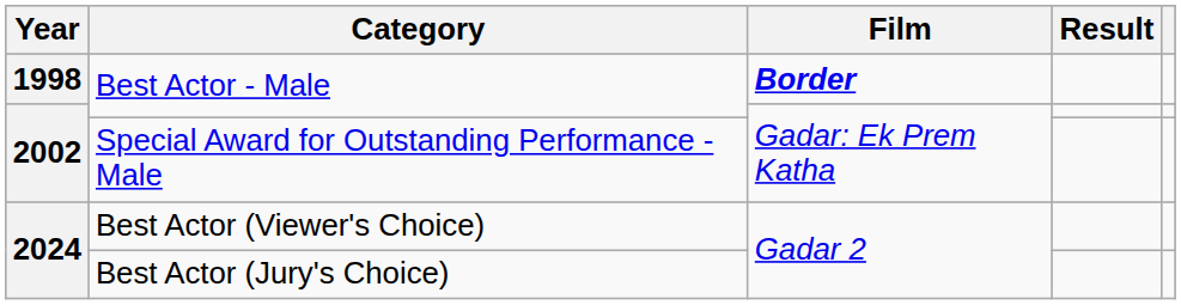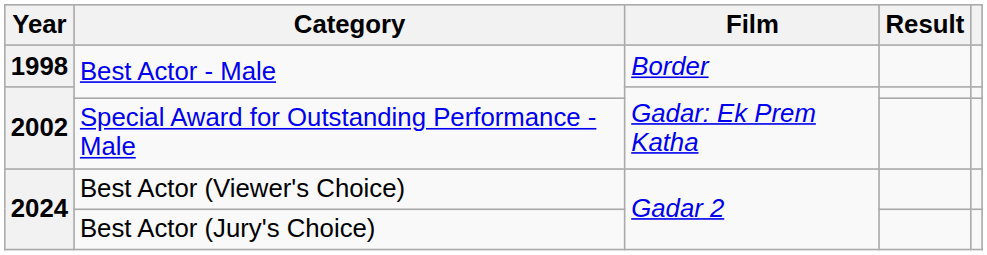 <table Class="wikitable">
 <tr>
 <th>Year</th>
 <th>Category</th>
 <th>Film</th>
 <th>Result</th>
 <th></th>
 </tr>
 <tr>
 <th>1998</th>
 <td rowspan="2"><a href='#'>Best Actor - Male</a></td>
-<td><strong><em><a href='#'>Border</a></em></strong></td>
+<td><em><a href='#'>Border</a></em></td>
 <td></td>
 <td></td>
 </tr>
 <tr>
 <th rowspan="2">2002</th>
 <td rowspan="2"><em><a href='#'>Gadar: Ek Prem Katha</a></em></td>
 <td></td>
 <td></td>
 </tr>
 <tr>
 <td><a href='#'>Special Award for Outstanding Performance - Male</a></td>
 <td></td>
 <td></td>
 </tr>
 <tr>
 <th rowspan="2">2024</th>
 <td>Best Actor (Viewer's Choice)</td>
 <td rowspan="2"><em><a href='#'>Gadar 2</a></em></td>
 <td></td>
 <td></td>
 </tr>
 <tr>
 <td>Best Actor (Jury's Choice)</td>
 <td></td>
 <td></td>
 </tr>
 </table>
